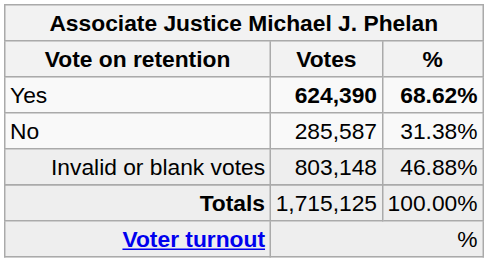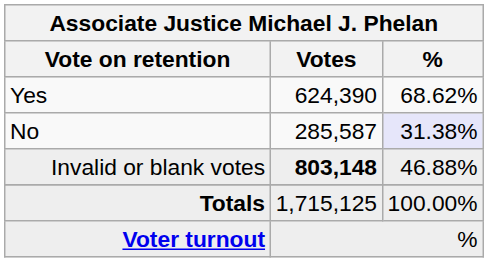 <table class="wikitable" style="font-size: 95%;">
 <tr style="background-color:#E9E9E9">
 <th colspan=7>Associate Justice Michael J. Phelan</th>
 </tr>
 <tr style="background-color:#E9E9E9">
 <th style="width: 170px">Vote on retention</th>
 <th style="width: 50px">Votes</th>
 <th style="width: 40px">%</th>
 </tr>
 <tr>
 <td>Yes</td>
-<td align="right"><strong>624,390</strong></td>
-<td align="right"><strong>68.62%</strong></td>
+<td align="right">624,390</td>
+<td align="right">68.62%</td>
 </tr>
 <tr>
 <td>No</td>
 <td align="right">285,587</td>
-<td align="right">31.38%</td>
+<td align="right" style="background: lavender;">31.38%</td>
 </tr>
 <tr style="background-color:#EEEEEE">
 <td align="right">Invalid or blank votes</td>
-<td align="right">803,148</td>
+<td align="right"><strong>803,148</strong></td>
 <td align="right">46.88%</td>
 </tr>
 <tr>
 </tr>
 <tr style="background-color:#EEEEEE">
 <td colspan="1" align="right"><strong>Totals</strong></td>
 <td align="right">1,715,125</td>
 <td align="right">100.00%</td>
 </tr>
 <tr style="background-color:#EEEEEE">
 <td align="right"><strong><a href='#'>Voter turnout</a></strong></td>
 <td colspan="2" align="right">%</td>
 </tr>
 </table>
